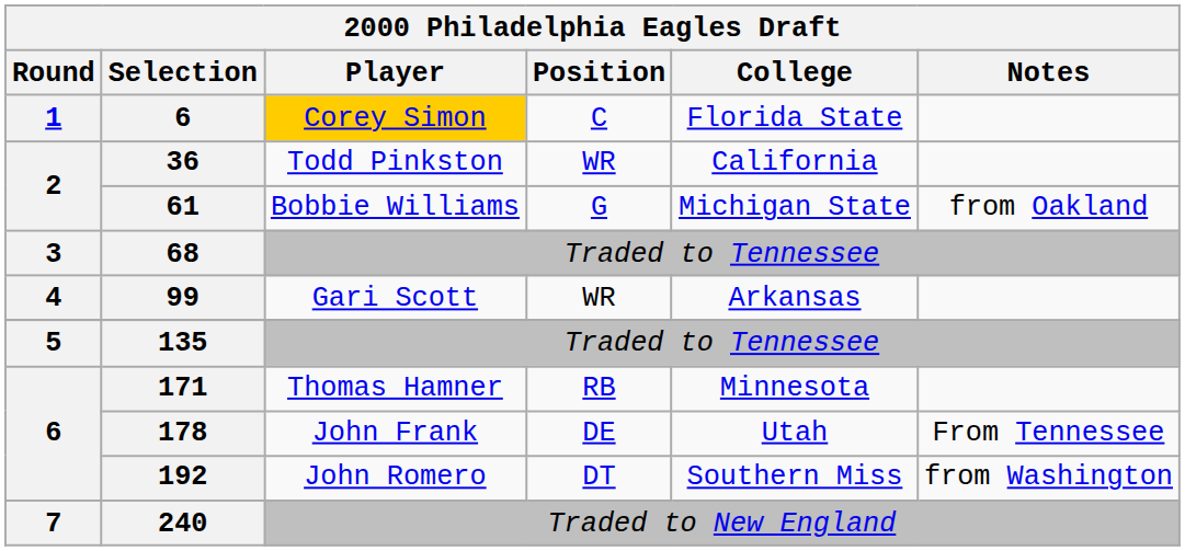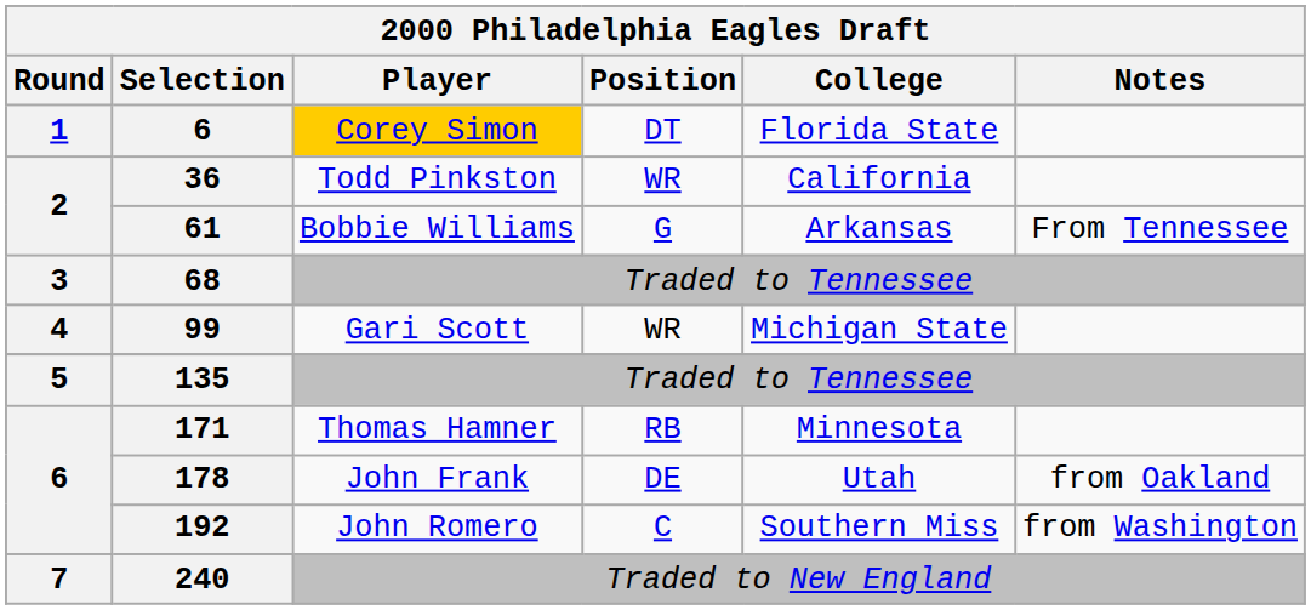 <table class="wikitable" style="text-align:center">
 <tr>
 <th colspan=6>2000 Philadelphia Eagles Draft</th>
 </tr>
 <tr>
 <th>Round</th>
 <th>Selection</th>
 <th>Player</th>
 <th>Position</th>
 <th>College</th>
 <th>Notes</th>
 </tr>
 <tr>
 <th><a href='#'>1</a></th>
 <th>6</th>
 <td –  style="background:#fc0; text-align:center;"><a href='#'>Corey Simon</a></td>
-<td><a href='#'>C</a></td>
+<td><a href='#'>DT</a></td>
 <td><a href='#'>Florida State</a></td>
 <td></td>
 </tr>
 <tr style="text-align:center;" bgcolor="">
 <th rowspan="2">2</th>
 <th>36</th>
 <td><a href='#'>Todd Pinkston</a></td>
 <td><a href='#'>WR</a></td>
 <td><a href='#'>California</a></td>
 </tr>
 <tr style="text-align:center;" bgcolor="">
 <th>61</th>
 <td><a href='#'>Bobbie Williams</a></td>
 <td><a href='#'>G</a></td>
-<td><a href='#'>Michigan State</a></td>
-<td>from <a href='#'>Oakland</a></td>
+<td><a href='#'>Arkansas</a></td>
+<td>From <a href='#'>Tennessee</a></td>
 </tr>
 <tr style="text-align:center;">
 <th>3</th>
 <th>68</th>
 <td colspan="4" style="background:#BFBFBF"><em>Traded to <a href='#'>Tennessee</a> </em></td>
 </tr>
 <tr style="text-align:center;">
 <th>4</th>
 <th>99</th>
 <td><a href='#'>Gari Scott</a></td>
 <td>WR</td>
-<td><a href='#'>Arkansas</a></td>
+<td><a href='#'>Michigan State</a></td>
 </tr>
 <tr align=center>
 </tr>
 <tr style="text-align:center;"|>
 <th>5</th>
 <th>135</th>
 <td colspan="4" style="background:#BFBFBF"><em>Traded to <a href='#'>Tennessee</a> </em></td>
 </tr>
 <tr style="text-align:center;">
 <th rowspan="3">6</th>
 <th>171</th>
 <td><a href='#'>Thomas Hamner</a></td>
 <td><a href='#'>RB</a></td>
 <td><a href='#'>Minnesota</a></td>
 <td></td>
 </tr>
 <tr style="text-align:center;">
 <th>178</th>
 <td><a href='#'>John Frank</a></td>
 <td><a href='#'>DE</a></td>
 <td><a href='#'>Utah</a></td>
-<td>From <a href='#'>Tennessee</a></td>
+<td>from <a href='#'>Oakland</a></td>
 </tr>
 <tr style="text-align:center;" bgcolor="">
 <th>192</th>
 <td><a href='#'>John Romero</a></td>
-<td><a href='#'>DT</a></td>
+<td><a href='#'>C</a></td>
 <td><a href='#'>Southern Miss</a></td>
 <td>from <a href='#'>Washington</a></td>
 </tr>
 <tr align=center>
 <th>7</th>
 <th>240</th>
 <td colspan="4" style="background:#BFBFBF"><em>Traded to <a href='#'>New England</a></em></td>
 </tr>
 </table>
